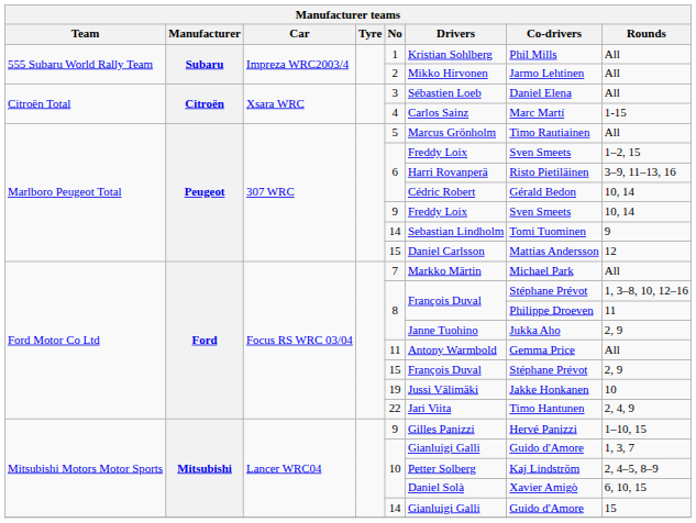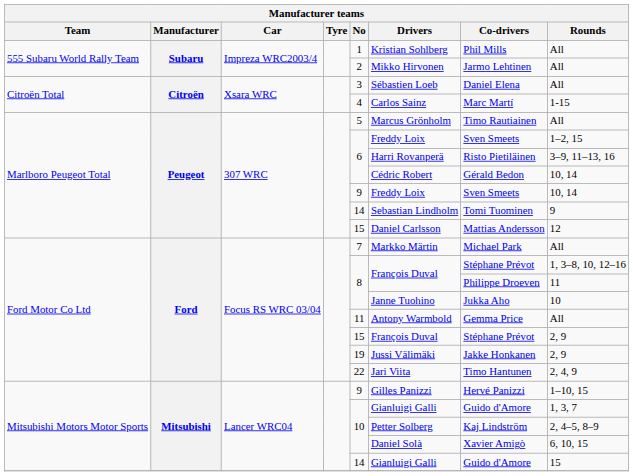 <table class="wikitable" style="font-size: 85%">
 <tr>
 <th colspan=8>Manufacturer teams</th>
 </tr>
 <tr>
 <th>Team</th>
 <th>Manufacturer</th>
 <th>Car</th>
 <th>Tyre</th>
 <th>No</th>
 <th>Drivers</th>
 <th>Co-drivers</th>
 <th>Rounds</th>
 </tr>
 <tr>
 <td rowspan="2" nowrap> <a href='#'>555 Subaru World Rally Team</a></td>
 <th rowspan="2"><a href='#'>Subaru</a></th>
 <td rowspan="2" nowrap><a href='#'>Impreza WRC2003/4</a></td>
 <td rowspan="2" align="center"></td>
 <td align="center">1</td>
 <td> <a href='#'>Kristian Sohlberg</a></td>
 <td> <a href='#'>Phil Mills</a></td>
 <td>All</td>
 </tr>
 <tr>
 <td align="center">2</td>
 <td> <a href='#'>Mikko Hirvonen</a></td>
 <td> <a href='#'>Jarmo Lehtinen</a></td>
 <td>All</td>
 </tr>
 <tr>
 <td rowspan=2> <a href='#'>Citroën Total</a></td>
 <th rowspan=2><a href='#'>Citroën</a></th>
 <td rowspan=2><a href='#'>Xsara WRC</a></td>
 <td rowspan="2" align="center"></td>
 <td align="center">3</td>
 <td> <a href='#'>Sébastien Loeb</a></td>
 <td> <a href='#'>Daniel Elena</a></td>
 <td>All</td>
 </tr>
 <tr>
 <td align="center">4</td>
 <td> <a href='#'>Carlos Sainz</a></td>
 <td> <a href='#'>Marc Martí</a></td>
 <td>1-15</td>
 </tr>
 <tr>
 <td rowspan=7> <a href='#'>Marlboro Peugeot Total</a></td>
 <th rowspan=7><a href='#'>Peugeot</a></th>
 <td rowspan=7><a href='#'>307 WRC</a></td>
 <td rowspan="7" align="center"></td>
 <td align="center">5</td>
 <td> <a href='#'>Marcus Grönholm</a></td>
 <td> <a href='#'>Timo Rautiainen</a></td>
 <td>All</td>
 </tr>
 <tr>
 <td align="center" rowspan="3">6</td>
 <td> <a href='#'>Freddy Loix</a></td>
 <td> <a href='#'>Sven Smeets</a></td>
 <td>1–2, 15</td>
 </tr>
 <tr>
 <td nowrap> <a href='#'>Harri Rovanperä</a></td>
 <td nowrap> <a href='#'>Risto Pietiläinen</a></td>
 <td>3–9, 11–13, 16</td>
 </tr>
 <tr>
 <td> <a href='#'>Cédric Robert</a></td>
 <td> <a href='#'>Gérald Bedon</a></td>
 <td>10, 14</td>
 </tr>
 <tr>
 <td align="center">9</td>
 <td> <a href='#'>Freddy Loix</a></td>
 <td> <a href='#'>Sven Smeets</a></td>
 <td>10, 14</td>
 </tr>
 <tr>
 <td align="center">14</td>
 <td> <a href='#'>Sebastian Lindholm</a></td>
 <td> <a href='#'>Tomi Tuominen</a></td>
 <td>9</td>
 </tr>
 <tr>
 <td align="center">15</td>
 <td> <a href='#'>Daniel Carlsson</a></td>
 <td> <a href='#'>Mattias Andersson</a></td>
 <td>12</td>
 </tr>
 <tr>
 <td rowspan=8> <a href='#'>Ford Motor Co Ltd</a></td>
 <th rowspan=8><a href='#'>Ford</a></th>
 <td rowspan=8 nowrap><a href='#'>Focus RS WRC 03/04</a></td>
 <td rowspan="8" align="center"></td>
 <td align="center">7</td>
 <td> <a href='#'>Markko Märtin</a></td>
 <td> <a href='#'>Michael Park</a></td>
 <td>All</td>
 </tr>
 <tr>
 <td align="center" rowspan="3">8</td>
 <td rowspan=2> <a href='#'>François Duval</a></td>
 <td> <a href='#'>Stéphane Prévot</a></td>
 <td nowrap>1, 3–8, 10, 12–16</td>
 </tr>
 <tr>
 <td> <a href='#'>Philippe Droeven</a></td>
 <td>11</td>
 </tr>
 <tr>
 <td> <a href='#'>Janne Tuohino</a></td>
 <td> <a href='#'>Jukka Aho</a></td>
-<td>2, 9</td>
+<td>10</td>
 </tr>
 <tr>
 <td align="center">11</td>
 <td> <a href='#'>Antony Warmbold</a></td>
 <td> <a href='#'>Gemma Price</a></td>
 <td>All</td>
 </tr>
 <tr>
 <td align="center">15</td>
 <td> <a href='#'>François Duval</a></td>
 <td> <a href='#'>Stéphane Prévot</a></td>
 <td>2, 9</td>
 </tr>
 <tr>
 <td align="center">19</td>
 <td> <a href='#'>Jussi Välimäki</a></td>
 <td> <a href='#'>Jakke Honkanen</a></td>
-<td>10</td>
+<td>2, 9</td>
 </tr>
 <tr>
 <td align="center">22</td>
 <td> <a href='#'>Jari Viita</a></td>
 <td> <a href='#'>Timo Hantunen</a></td>
 <td>2, 4, 9</td>
 </tr>
 <tr>
 <td rowspan=5> <a href='#'>Mitsubishi Motors Motor Sports</a></td>
 <th rowspan=5><a href='#'>Mitsubishi</a></th>
 <td rowspan=5><a href='#'>Lancer WRC04</a></td>
 <td rowspan="5" align="center"></td>
 <td align="center">9</td>
 <td> <a href='#'>Gilles Panizzi</a></td>
 <td> <a href='#'>Hervé Panizzi</a></td>
 <td>1–10, 15</td>
 </tr>
 <tr>
 <td align="center" rowspan="3">10</td>
 <td> <a href='#'>Gianluigi Galli</a></td>
 <td> <a href='#'>Guido d'Amore</a></td>
 <td>1, 3, 7</td>
 </tr>
 <tr>
 <td> <a href='#'>Petter Solberg</a></td>
 <td> <a href='#'>Kaj Lindström</a></td>
 <td>2, 4–5, 8–9</td>
 </tr>
 <tr>
 <td> <a href='#'>Daniel Solà</a></td>
 <td> <a href='#'>Xavier Amigò</a></td>
 <td>6, 10, 15</td>
 </tr>
 <tr>
 <td align="center">14</td>
 <td> <a href='#'>Gianluigi Galli</a></td>
 <td> <a href='#'>Guido d'Amore</a></td>
 <td>15</td>
 </tr>
 <tr>
 </tr>
 </table>
